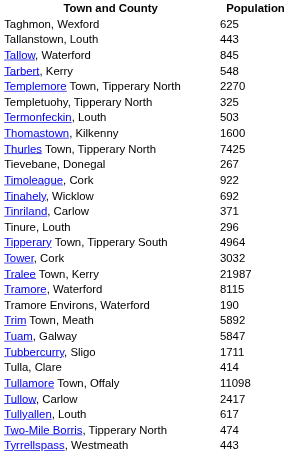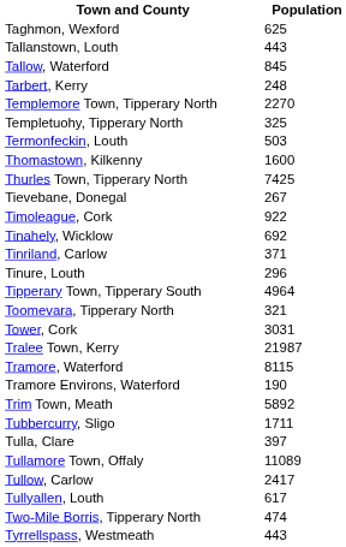 <table>
 <tr>
 <th style="width:300px;align:left;">Town and County</th>
 <th style="width:100px;align:right;">Population</th>
 </tr>
 <tr>
 <td>Taghmon, Wexford</td>
 <td>625</td>
 </tr>
 <tr>
 <td>Tallanstown, Louth</td>
 <td>443</td>
 </tr>
 <tr>
 <td><a href='#'>Tallow</a>, Waterford</td>
 <td>845</td>
 </tr>
 <tr>
 <td><a href='#'>Tarbert</a>, Kerry</td>
-<td>548</td>
+<td>248</td>
 </tr>
 <tr>
 <td><a href='#'>Templemore</a> Town, Tipperary North</td>
 <td>2270</td>
 </tr>
 <tr>
 <td>Templetuohy, Tipperary North</td>
 <td>325</td>
 </tr>
 <tr>
 <td><a href='#'>Termonfeckin</a>, Louth</td>
 <td>503</td>
 </tr>
 <tr>
 <td><a href='#'>Thomastown</a>, Kilkenny</td>
 <td>1600</td>
 </tr>
 <tr>
 <td><a href='#'>Thurles</a> Town, Tipperary North</td>
 <td>7425</td>
 </tr>
 <tr>
 <td>Tievebane, Donegal</td>
 <td>267</td>
 </tr>
 <tr>
 <td><a href='#'>Timoleague</a>, Cork</td>
 <td>922</td>
 </tr>
 <tr>
 <td><a href='#'>Tinahely</a>, Wicklow</td>
 <td>692</td>
 </tr>
 <tr>
 <td><a href='#'>Tinriland</a>, Carlow</td>
 <td>371</td>
 </tr>
 <tr>
 <td>Tinure, Louth</td>
 <td>296</td>
 </tr>
 <tr>
 <td><a href='#'>Tipperary</a> Town, Tipperary South</td>
 <td>4964</td>
 </tr>
 <tr>
+<td><a href='#'>Toomevara</a>, Tipperary North</td>
+<td>321</td>
+</tr>
+<tr>
 <td><a href='#'>Tower</a>, Cork</td>
-<td>3032</td>
+<td>3031</td>
 </tr>
 <tr>
 <td><a href='#'>Tralee</a> Town, Kerry</td>
 <td>21987</td>
 </tr>
 <tr>
 <td><a href='#'>Tramore</a>, Waterford</td>
 <td>8115</td>
 </tr>
 <tr>
 <td>Tramore Environs, Waterford</td>
 <td>190</td>
 </tr>
 <tr>
 <td><a href='#'>Trim</a> Town, Meath</td>
 <td>5892</td>
 </tr>
 <tr>
-<td><a href='#'>Tuam</a>, Galway</td>
-<td>5847</td>
-</tr>
-<tr>
 <td><a href='#'>Tubbercurry</a>, Sligo</td>
 <td>1711</td>
 </tr>
 <tr>
 <td>Tulla, Clare</td>
-<td>414</td>
+<td>397</td>
 </tr>
 <tr>
 <td><a href='#'>Tullamore</a> Town, Offaly</td>
-<td>11098</td>
+<td>11089</td>
 </tr>
 <tr>
 <td><a href='#'>Tullow</a>, Carlow</td>
 <td>2417</td>
 </tr>
 <tr>
 <td><a href='#'>Tullyallen</a>, Louth</td>
 <td>617</td>
 </tr>
 <tr>
 <td><a href='#'>Two-Mile Borris</a>, Tipperary North</td>
 <td>474</td>
 </tr>
 <tr>
 <td><a href='#'>Tyrrellspass</a>, Westmeath</td>
 <td>443</td>
 </tr>
 </table>
